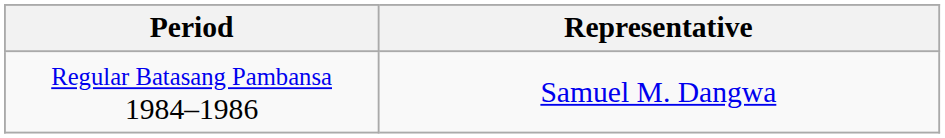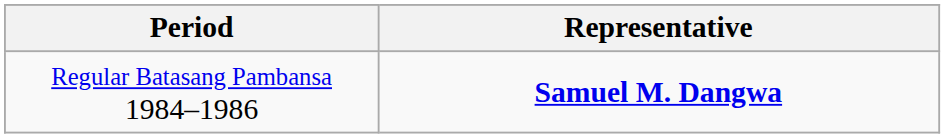 <table class="wikitable" style="text-align:center; width:40%;">
 <tr>
 <th width="40%">Period</th>
 <th>Representative</th>
 </tr>
 <tr>
 <td><small><a href='#'>Regular Batasang Pambansa</a></small><br>1984–1986</td>
-<td><a href='#'>Samuel M. Dangwa</a></td>
+<td><strong><a href='#'>Samuel M. Dangwa</a></strong></td>
 </tr>
 </table>
